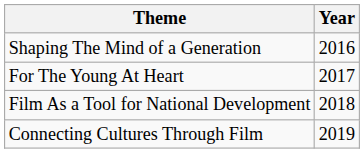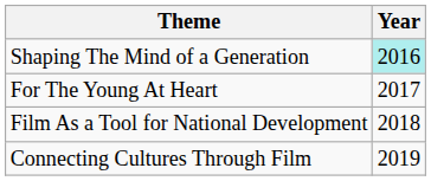 <table class="wikitable">
 <tr>
 <th>Theme</th>
 <th>Year</th>
 </tr>
 <tr>
 <td>Shaping The Mind of a Generation</td>
-<td>2016</td>
+<td style="background: paleturquoise;">2016</td>
 </tr>
 <tr>
 <td>For The Young At Heart</td>
 <td>2017</td>
 </tr>
 <tr>
 <td>Film As a Tool for National Development</td>
 <td>2018</td>
 </tr>
 <tr>
 <td>Connecting Cultures Through Film</td>
 <td>2019</td>
 </tr>
 </table>
